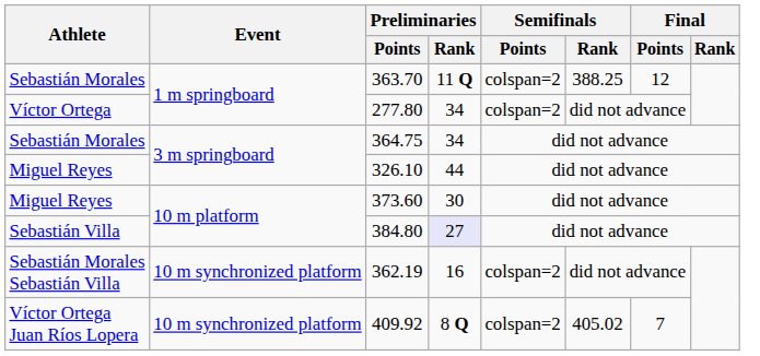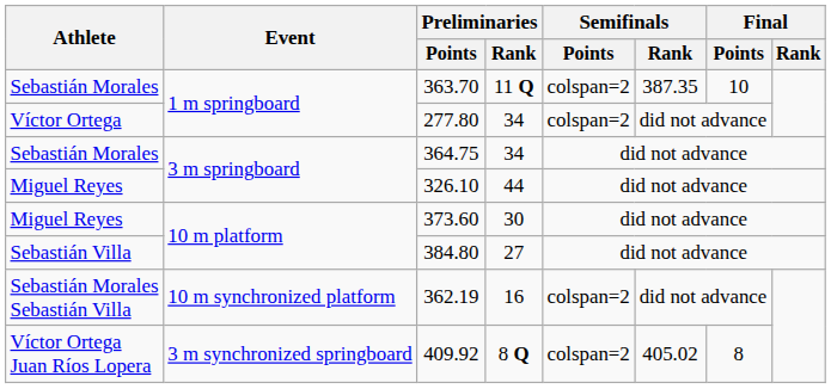 <table class=wikitable style="font-size:90%;">
 <tr>
 <th rowspan="2">Athlete</th>
 <th rowspan="2">Event</th>
 <th colspan="2">Preliminaries</th>
 <th colspan="2">Semifinals</th>
 <th colspan="2">Final</th>
 </tr>
 <tr style="font-size:95%">
 <th>Points</th>
 <th>Rank</th>
 <th>Points</th>
 <th>Rank</th>
 <th>Points</th>
 <th>Rank</th>
 </tr>
 <tr align=center>
 <td align=left><a href='#'>Sebastián Morales</a></td>
 <td align=left rowspan=2><a href='#'>1 m springboard</a></td>
 <td>363.70</td>
 <td>11 <strong>Q</strong></td>
 <td>colspan=2 </td>
-<td>388.25</td>
-<td>12</td>
+<td>387.35</td>
+<td>10</td>
 </tr>
 <tr align=center>
 <td align=left><a href='#'>Víctor Ortega</a></td>
 <td>277.80</td>
 <td>34</td>
 <td>colspan=2 </td>
 <td colspan=2>did not advance</td>
 </tr>
 <tr align=center>
 <td align=left><a href='#'>Sebastián Morales</a></td>
 <td align=left rowspan=2><a href='#'>3 m springboard</a></td>
 <td>364.75</td>
 <td>34</td>
 <td colspan=4>did not advance</td>
 </tr>
 <tr align=center>
 <td align=left><a href='#'>Miguel Reyes</a></td>
 <td>326.10</td>
 <td>44</td>
 <td colspan=4>did not advance</td>
 </tr>
 <tr align=center>
 <td align=left><a href='#'>Miguel Reyes</a></td>
 <td align=left rowspan=2><a href='#'>10 m platform</a></td>
 <td>373.60</td>
 <td>30</td>
 <td colspan=4>did not advance</td>
 </tr>
 <tr align=center>
 <td align=left><a href='#'>Sebastián Villa</a></td>
 <td>384.80</td>
-<td style="background: lavender;">27</td>
+<td>27</td>
 <td colspan=4>did not advance</td>
 </tr>
 <tr align=center>
 <td align=left><a href='#'>Sebastián Morales</a><br><a href='#'>Sebastián Villa</a></td>
 <td align=left><a href='#'>10 m synchronized platform</a></td>
 <td>362.19</td>
 <td>16</td>
 <td>colspan=2 </td>
 <td colspan=2>did not advance</td>
 </tr>
 <tr align=center>
 <td align=left><a href='#'>Víctor Ortega</a><br><a href='#'>Juan Ríos Lopera</a></td>
-<td align=left><a href='#'>10 m synchronized platform</a></td>
+<td align=left><a href='#'>3 m synchronized springboard</a></td>
 <td>409.92</td>
 <td>8 <strong>Q</strong></td>
 <td>colspan=2 </td>
 <td>405.02</td>
-<td>7</td>
+<td>8</td>
 </tr>
 </table>
